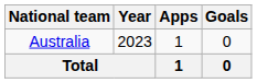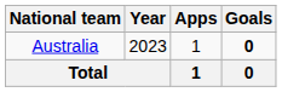 <table class="wikitable" style="text-align:center">
 <tr>
 <th>National team</th>
 <th>Year</th>
 <th>Apps</th>
 <th>Goals</th>
 </tr>
 <tr>
 <td><a href='#'>Australia</a></td>
 <td>2023</td>
 <td>1</td>
-<td>0</td>
+<td><strong>0</strong></td>
 </tr>
 <tr>
 <th colspan="2">Total</th>
 <th>1</th>
 <th>0</th>
 </tr>
 </table>
